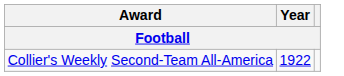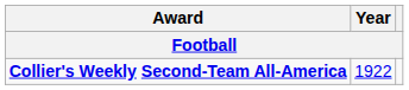 <table class="wikitable">
 <tr>
 <th>Award</th>
 <th>Year</th>
 <th></th>
 </tr>
 <tr>
 <th colspan="3"><a href='#'>Football</a></th>
 </tr>
 <tr>
-<td><a href='#'>Collier's Weekly</a> <a href='#'>Second-Team All-America</a></td>
+<td><strong><a href='#'>Collier's Weekly</a> <a href='#'>Second-Team All-America</a></strong></td>
 <td><a href='#'>1922</a></td>
 <td></td>
 </tr>
 </table>
